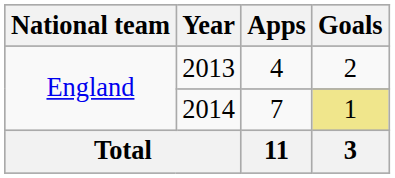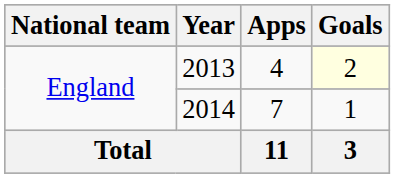 <table class=wikitable style="text-align: center;">
 <tr>
 <th>National team</th>
 <th>Year</th>
 <th>Apps</th>
 <th>Goals</th>
 </tr>
 <tr>
 <td rowspan=2><a href='#'>England</a></td>
 <td>2013</td>
 <td>4</td>
-<td>2</td>
+<td style="background: lightyellow;">2</td>
 </tr>
 <tr>
 <td>2014</td>
 <td>7</td>
-<td style="background: khaki;">1</td>
+<td>1</td>
 </tr>
 <tr>
 <th colspan=2>Total</th>
 <th>11</th>
 <th>3</th>
 </tr>
 </table>
